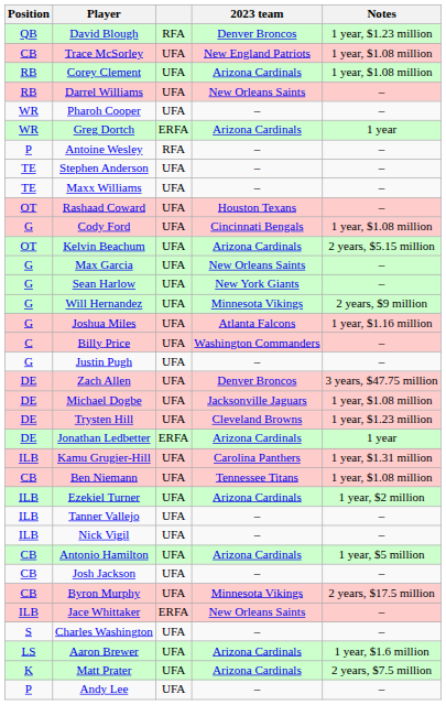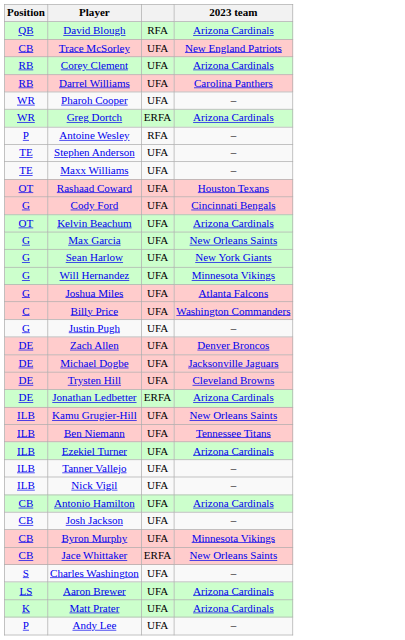 <table class="wikitable" style="text-align:center">
 <tr>
 <th>Position</th>
 <th>Player</th>
 <th></th>
 <th>2023 team</th>
-<th>Notes</th>
 </tr>
 <tr style="background:#cfc">
 <td><a href='#'>QB</a></td>
 <td><a href='#'>David Blough</a></td>
 <td>RFA</td>
-<td><a href='#'>Denver Broncos</a></td>
-<td>1 year, $1.23 million</td>
+<td><a href='#'>Arizona Cardinals</a></td>
 </tr>
 <tr style="background:#fcc">
 <td><a href='#'>CB</a></td>
 <td><a href='#'>Trace McSorley</a></td>
 <td>UFA</td>
 <td><a href='#'>New England Patriots</a></td>
-<td>1 year, $1.08 million</td>
 </tr>
 <tr style="background:#cfc">
 <td><a href='#'>RB</a></td>
 <td><a href='#'>Corey Clement</a></td>
 <td>UFA</td>
 <td><a href='#'>Arizona Cardinals</a></td>
-<td>1 year, $1.08 million</td>
 </tr>
 <tr style="background:#fcc">
 <td><a href='#'>RB</a></td>
 <td><a href='#'>Darrel Williams</a></td>
 <td>UFA</td>
-<td><a href='#'>New Orleans Saints</a></td>
-<td>–</td>
+<td><a href='#'>Carolina Panthers</a></td>
 </tr>
 <tr style="background:">
 <td><a href='#'>WR</a></td>
 <td><a href='#'>Pharoh Cooper</a></td>
 <td>UFA</td>
-<td>–</td>
 <td>–</td>
 </tr>
 <tr style="background:#cfc">
 <td><a href='#'>WR</a></td>
 <td><a href='#'>Greg Dortch</a></td>
 <td>ERFA</td>
 <td><a href='#'>Arizona Cardinals</a></td>
-<td>1 year</td>
 </tr>
 <tr style="background:">
 <td><a href='#'>P</a></td>
 <td><a href='#'>Antoine Wesley</a></td>
 <td>RFA</td>
-<td>–</td>
 <td>–</td>
 </tr>
 <tr style="background:">
 <td><a href='#'>TE</a></td>
 <td><a href='#'>Stephen Anderson</a></td>
 <td>UFA</td>
 <td>–</td>
-<td>–</td>
 </tr>
 <tr style="background:">
 <td><a href='#'>TE</a></td>
 <td><a href='#'>Maxx Williams</a></td>
 <td>UFA</td>
-<td>–</td>
 <td>–</td>
 </tr>
 <tr style="background:#fcc">
 <td><a href='#'>OT</a></td>
 <td><a href='#'>Rashaad Coward</a></td>
 <td>UFA</td>
 <td><a href='#'>Houston Texans</a></td>
-<td>–</td>
 </tr>
 <tr style="background:#fcc">
 <td><a href='#'>G</a></td>
 <td><a href='#'>Cody Ford</a></td>
 <td>UFA</td>
 <td><a href='#'>Cincinnati Bengals</a></td>
-<td>1 year, $1.08 million</td>
 </tr>
 <tr style="background:#cfc">
 <td><a href='#'>OT</a></td>
 <td><a href='#'>Kelvin Beachum</a></td>
 <td>UFA</td>
 <td><a href='#'>Arizona Cardinals</a></td>
-<td>2 years, $5.15 million</td>
 </tr>
 <tr style="background:#cfc">
 <td><a href='#'>G</a></td>
 <td><a href='#'>Max Garcia</a></td>
 <td>UFA</td>
 <td><a href='#'>New Orleans Saints</a></td>
-<td>–</td>
 </tr>
 <tr style="background:#cfc">
 <td><a href='#'>G</a></td>
 <td><a href='#'>Sean Harlow</a></td>
 <td>UFA</td>
 <td><a href='#'>New York Giants</a></td>
-<td>–</td>
 </tr>
 <tr style="background:#cfc">
 <td><a href='#'>G</a></td>
 <td><a href='#'>Will Hernandez</a></td>
 <td>UFA</td>
 <td><a href='#'>Minnesota Vikings</a></td>
-<td>2 years, $9 million</td>
 </tr>
 <tr style="background:#fcc">
 <td><a href='#'>G</a></td>
 <td><a href='#'>Joshua Miles</a></td>
 <td>UFA</td>
 <td><a href='#'>Atlanta Falcons</a></td>
-<td>1 year, $1.16 million</td>
 </tr>
 <tr style="background:#fcc">
 <td><a href='#'>C</a></td>
 <td><a href='#'>Billy Price</a></td>
 <td>UFA</td>
 <td><a href='#'>Washington Commanders</a></td>
-<td>–</td>
 </tr>
 <tr style="background:">
 <td><a href='#'>G</a></td>
 <td><a href='#'>Justin Pugh</a></td>
 <td>UFA</td>
-<td>–</td>
 <td>–</td>
 </tr>
 <tr style="background:#fcc">
 <td><a href='#'>DE</a></td>
 <td><a href='#'>Zach Allen</a></td>
 <td>UFA</td>
 <td><a href='#'>Denver Broncos</a></td>
-<td>3 years, $47.75 million</td>
 </tr>
 <tr style="background:#fcc">
 <td><a href='#'>DE</a></td>
 <td><a href='#'>Michael Dogbe</a></td>
 <td>UFA</td>
 <td><a href='#'>Jacksonville Jaguars</a></td>
-<td>1 year, $1.08 million</td>
 </tr>
 <tr style="background:#fcc">
 <td><a href='#'>DE</a></td>
 <td><a href='#'>Trysten Hill</a></td>
 <td>UFA</td>
 <td><a href='#'>Cleveland Browns</a></td>
-<td>1 year, $1.23 million</td>
 </tr>
 <tr style="background:#cfc">
 <td><a href='#'>DE</a></td>
 <td><a href='#'>Jonathan Ledbetter</a></td>
 <td>ERFA</td>
 <td><a href='#'>Arizona Cardinals</a></td>
-<td>1 year</td>
 </tr>
 <tr style="background:#fcc">
 <td><a href='#'>ILB</a></td>
 <td><a href='#'>Kamu Grugier-Hill</a></td>
 <td>UFA</td>
-<td><a href='#'>Carolina Panthers</a></td>
-<td>1 year, $1.31 million</td>
+<td><a href='#'>New Orleans Saints</a></td>
 </tr>
 <tr style="background:#fcc">
-<td><a href='#'>CB</a></td>
+<td><a href='#'>ILB</a></td>
 <td><a href='#'>Ben Niemann</a></td>
 <td>UFA</td>
 <td><a href='#'>Tennessee Titans</a></td>
-<td>1 year, $1.08 million</td>
 </tr>
 <tr style="background:#cfc">
 <td><a href='#'>ILB</a></td>
 <td><a href='#'>Ezekiel Turner</a></td>
 <td>UFA</td>
 <td><a href='#'>Arizona Cardinals</a></td>
-<td>1 year, $2 million</td>
 </tr>
 <tr style="background:">
 <td><a href='#'>ILB</a></td>
 <td><a href='#'>Tanner Vallejo</a></td>
 <td>UFA</td>
-<td>–</td>
 <td>–</td>
 </tr>
 <tr style="background:">
 <td><a href='#'>ILB</a></td>
 <td><a href='#'>Nick Vigil</a></td>
 <td>UFA</td>
 <td>–</td>
-<td>–</td>
 </tr>
 <tr style="background:#cfc">
 <td><a href='#'>CB</a></td>
 <td><a href='#'>Antonio Hamilton</a></td>
 <td>UFA</td>
 <td><a href='#'>Arizona Cardinals</a></td>
-<td>1 year, $5 million</td>
 </tr>
 <tr style="background:">
 <td><a href='#'>CB</a></td>
 <td><a href='#'>Josh Jackson</a></td>
 <td>UFA</td>
-<td>–</td>
 <td>–</td>
 </tr>
 <tr style="background:#fcc">
 <td><a href='#'>CB</a></td>
 <td><a href='#'>Byron Murphy</a></td>
 <td>UFA</td>
 <td><a href='#'>Minnesota Vikings</a></td>
-<td>2 years, $17.5 million</td>
 </tr>
 <tr style="background:#fcc">
-<td><a href='#'>ILB</a></td>
+<td><a href='#'>CB</a></td>
 <td><a href='#'>Jace Whittaker</a></td>
 <td>ERFA</td>
 <td><a href='#'>New Orleans Saints</a></td>
-<td>–</td>
 </tr>
 <tr style="background:">
 <td><a href='#'>S</a></td>
 <td><a href='#'>Charles Washington</a></td>
 <td>UFA</td>
-<td>–</td>
 <td>–</td>
 </tr>
 <tr style="background:#cfc">
 <td><a href='#'>LS</a></td>
 <td><a href='#'>Aaron Brewer</a></td>
 <td>UFA</td>
 <td><a href='#'>Arizona Cardinals</a></td>
-<td>1 year, $1.6 million</td>
 </tr>
 <tr style="background:#cfc">
 <td><a href='#'>K</a></td>
 <td><a href='#'>Matt Prater</a></td>
 <td>UFA</td>
 <td><a href='#'>Arizona Cardinals</a></td>
-<td>2 years, $7.5 million</td>
 </tr>
 <tr style="background:">
 <td><a href='#'>P</a></td>
 <td><a href='#'>Andy Lee</a></td>
 <td>UFA</td>
 <td>–</td>
-<td>–</td>
 </tr>
 </table>
